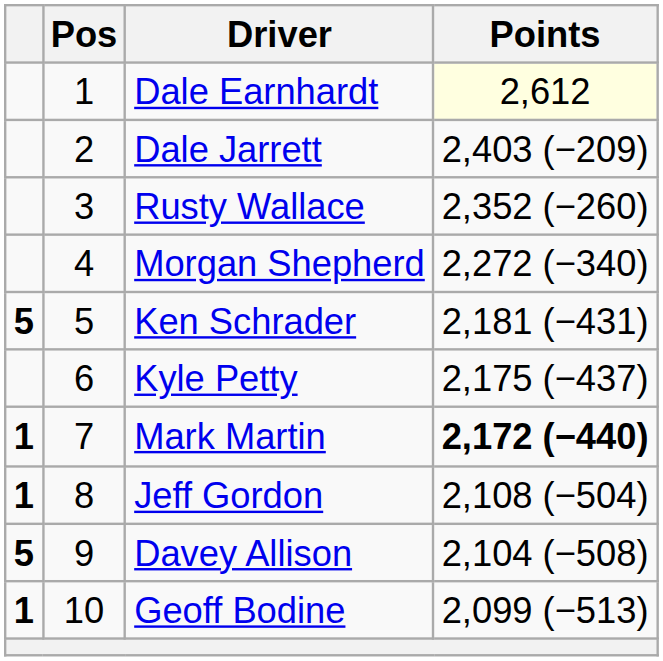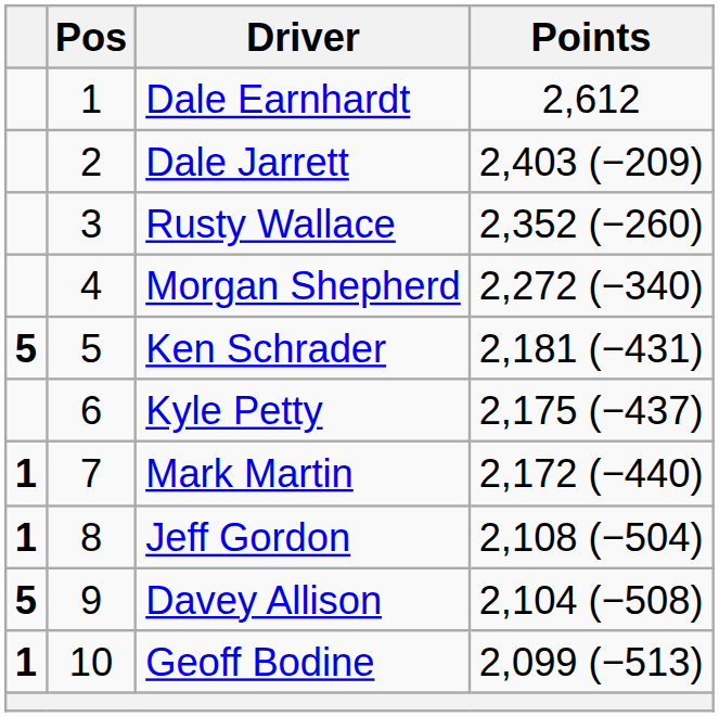 <table class="wikitable" style="font-size: 95%;">
 <tr>
 <th></th>
 <th>Pos</th>
 <th>Driver</th>
 <th>Points</th>
 </tr>
 <tr>
 <td align="left"></td>
 <td style="text-align:center;">1</td>
 <td><a href='#'>Dale Earnhardt</a></td>
-<td style="background: lightyellow; text-align:center;">2,612</td>
+<td style="text-align:center;">2,612</td>
 </tr>
 <tr>
 <td align="left"></td>
 <td style="text-align:center;">2</td>
 <td><a href='#'>Dale Jarrett</a></td>
 <td style="text-align:center;">2,403 (−209)</td>
 </tr>
 <tr>
 <td align="left"></td>
 <td style="text-align:center;">3</td>
 <td><a href='#'>Rusty Wallace</a></td>
 <td style="text-align:center;">2,352 (−260)</td>
 </tr>
 <tr>
 <td align="left"></td>
 <td style="text-align:center;">4</td>
 <td><a href='#'>Morgan Shepherd</a></td>
 <td style="text-align:center;">2,272 (−340)</td>
 </tr>
 <tr>
 <td align="left"> <strong>5</strong></td>
 <td style="text-align:center;">5</td>
 <td><a href='#'>Ken Schrader</a></td>
 <td style="text-align:center;">2,181 (−431)</td>
 </tr>
 <tr>
 <td align="left"></td>
 <td style="text-align:center;">6</td>
 <td><a href='#'>Kyle Petty</a></td>
 <td style="text-align:center;">2,175 (−437)</td>
 </tr>
 <tr>
 <td align="left"> <strong>1</strong></td>
 <td style="text-align:center;">7</td>
 <td><a href='#'>Mark Martin</a></td>
-<td style="text-align:center;"><strong>2,172 (−440)</strong></td>
+<td style="text-align:center;">2,172 (−440)</td>
 </tr>
 <tr>
 <td align="left"> <strong>1</strong></td>
 <td style="text-align:center;">8</td>
 <td><a href='#'>Jeff Gordon</a></td>
 <td style="text-align:center;">2,108 (−504)</td>
 </tr>
 <tr>
 <td align="left"> <strong>5</strong></td>
 <td style="text-align:center;">9</td>
 <td><a href='#'>Davey Allison</a></td>
 <td style="text-align:center;">2,104 (−508)</td>
 </tr>
 <tr>
 <td align="left"> <strong>1</strong></td>
 <td style="text-align:center;">10</td>
 <td><a href='#'>Geoff Bodine</a></td>
 <td style="text-align:center;">2,099 (−513)</td>
 </tr>
 <tr class="sortbottom">
 <th colspan="9"></th>
 </tr>
 </table>
